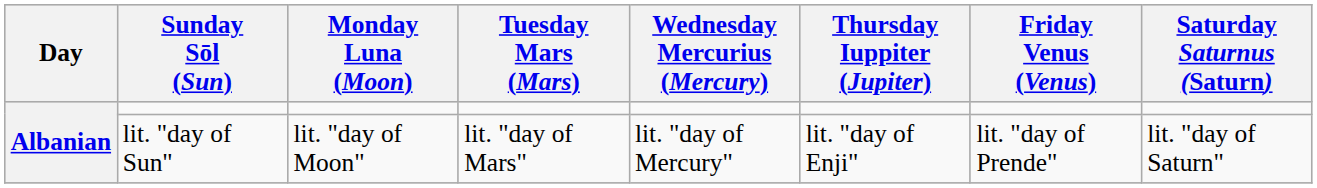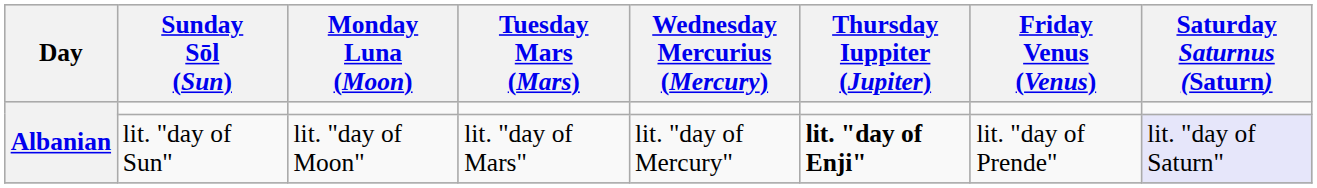 <table class="wikitable">
 <tr>
 <th>Day</th>
 <th width=100><a href='#'>Sunday</a><br><a href='#'>Sōl<br>(<em>Sun</em>)</a></th>
 <th width=100><a href='#'>Monday</a><br><a href='#'>Luna<br>(<em>Moon</em>)</a></th>
 <th width=100><a href='#'>Tuesday</a><br><a href='#'>Mars<br>(<em>Mars</em>)</a></th>
 <th width=100><a href='#'>Wednesday</a><br><a href='#'>Mercurius (<em>Mercury</em>)</a></th>
 <th width=100><a href='#'>Thursday</a><br><a href='#'>Iuppiter (<em>Jupiter</em>)</a></th>
 <th width=100><a href='#'>Friday</a><br><a href='#'>Venus<br>(<em>Venus</em>)</a></th>
 <th width=100><a href='#'>Saturday</a><br><em><a href='#'>Saturnus (</em>Saturn<em>)</a></em></th>
 </tr>
 <tr>
 <th rowspan="2"><a href='#'>Albanian</a></th>
 <td></td>
 <td></td>
 <td></td>
 <td></td>
 <td></td>
 <td></td>
 <td></td>
 </tr>
 <tr>
 <td>lit. "day of Sun"</td>
 <td>lit. "day of Moon"</td>
 <td>lit. "day of Mars"</td>
 <td>lit. "day of Mercury"</td>
-<td>lit. "day of Enji"</td>
+<td><strong>lit. "day of Enji"</strong></td>
 <td>lit. "day of Prende"</td>
-<td>lit. "day of Saturn"</td>
+<td style="background: lavender;">lit. "day of Saturn"</td>
 </tr>
 </table>
